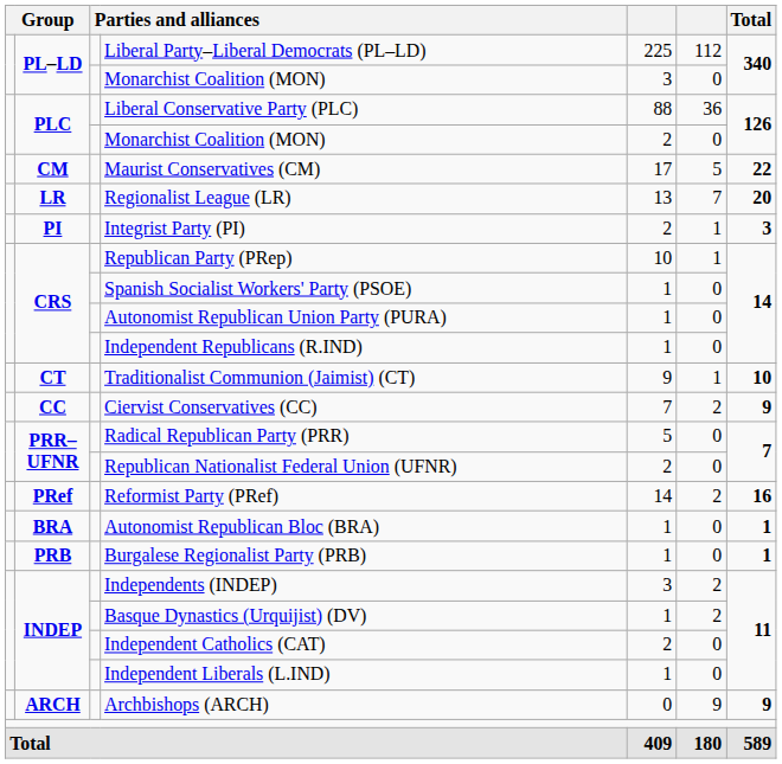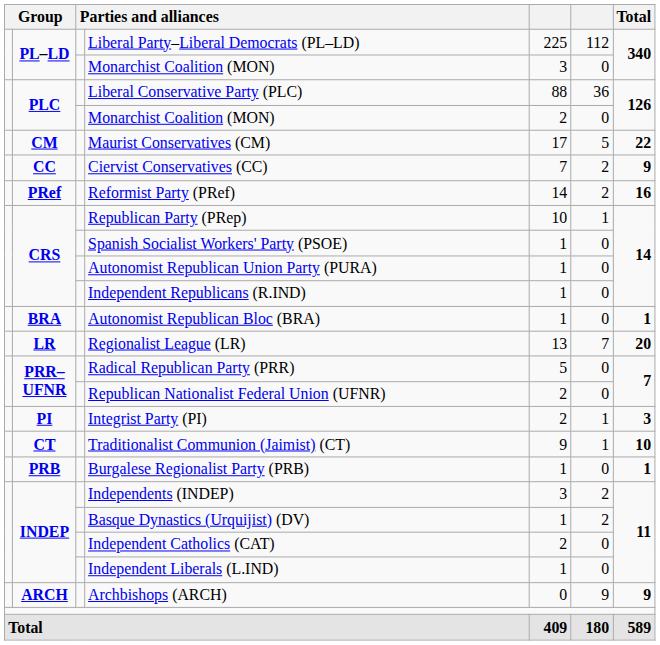 <table class="wikitable" style="text-align:right;">
 <tr>
 <th colspan="2" width="65">Group</th>
 <th style="text-align:left;" colspan="2" width="450">Parties and alliances</th>
 <th width="35"></th>
 <th width="35"></th>
 <th width="35">Total</th>
 </tr>
 <tr>
 <td rowspan="2" width="1"></td>
 <td rowspan="2" align="center"><strong><a href='#'>PL</a>–<a href='#'>LD</a></strong></td>
 <td width="1" style="color:inherit;background:"></td>
 <td align="left"><a href='#'>Liberal Party</a>–<a href='#'>Liberal Democrats</a> (PL–LD)</td>
 <td>225</td>
 <td>112</td>
 <td rowspan="2"><strong>340</strong></td>
 </tr>
 <tr>
 <td style="color:inherit;background:"></td>
 <td align="left"><a href='#'>Monarchist Coalition</a> (MON)</td>
 <td>3</td>
 <td>0</td>
 </tr>
 <tr>
 <td rowspan="2" style="color:inherit;background:"></td>
 <td rowspan="2" align="center"><strong><a href='#'>PLC</a></strong></td>
 <td style="color:inherit;background:"></td>
 <td align="left"><a href='#'>Liberal Conservative Party</a> (PLC)</td>
 <td>88</td>
 <td>36</td>
 <td rowspan="2"><strong>126</strong></td>
 </tr>
 <tr>
 <td style="color:inherit;background:"></td>
 <td align="left"><a href='#'>Monarchist Coalition</a> (MON)</td>
 <td>2</td>
 <td>0</td>
 </tr>
 <tr>
 <td style="color:inherit;background:"></td>
 <td align="center"><strong><a href='#'>CM</a></strong></td>
 <td style="color:inherit;background:"></td>
 <td align="left"><a href='#'>Maurist Conservatives</a> (CM)</td>
 <td>17</td>
 <td>5</td>
 <td><strong>22</strong></td>
 </tr>
 <tr>
 <td style="color:inherit;background:"></td>
-<td align="center"><strong><a href='#'>LR</a></strong></td>
+<td align="center"><strong><a href='#'>CC</a></strong></td>
 <td style="color:inherit;background:"></td>
-<td align="left"><a href='#'>Regionalist League</a> (LR)</td>
-<td>13</td>
+<td align="left"><a href='#'>Ciervist Conservatives</a> (CC)</td>
 <td>7</td>
-<td><strong>20</strong></td>
+<td>2</td>
+<td><strong>9</strong></td>
 </tr>
 <tr>
 <td style="color:inherit;background:"></td>
-<td align="center"><strong><a href='#'>PI</a></strong></td>
+<td align="center"><strong><a href='#'>PRef</a></strong></td>
 <td style="color:inherit;background:"></td>
-<td align="left"><a href='#'>Integrist Party</a> (PI)</td>
+<td align="left"><a href='#'>Reformist Party</a> (PRef)</td>
+<td>14</td>
 <td>2</td>
-<td>1</td>
-<td><strong>3</strong></td>
+<td><strong>16</strong></td>
 </tr>
 <tr>
 <td rowspan="4" style="color:inherit;background:"></td>
 <td rowspan="4" align="center"><strong><a href='#'>CRS</a></strong></td>
 <td style="color:inherit;background:"></td>
 <td align="left"><a href='#'>Republican Party</a> (PRep)</td>
 <td>10</td>
 <td>1</td>
 <td rowspan="4"><strong>14</strong></td>
 </tr>
 <tr>
 <td style="color:inherit;background:"></td>
 <td align="left"><a href='#'>Spanish Socialist Workers' Party</a> (PSOE)</td>
 <td>1</td>
 <td>0</td>
 </tr>
 <tr>
 <td style="color:inherit;background:"></td>
 <td align="left"><a href='#'>Autonomist Republican Union Party</a> (PURA)</td>
 <td>1</td>
 <td>0</td>
 </tr>
 <tr>
 <td style="color:inherit;background:"></td>
 <td align="left"><a href='#'>Independent Republicans</a> (R.IND)</td>
 <td>1</td>
 <td>0</td>
 </tr>
 <tr>
 <td style="color:inherit;background:"></td>
-<td align="center"><strong><a href='#'>CT</a></strong></td>
+<td align="center"><strong><a href='#'>BRA</a></strong></td>
 <td style="color:inherit;background:"></td>
-<td align="left"><a href='#'>Traditionalist Communion (Jaimist)</a> (CT)</td>
-<td>9</td>
+<td align="left"><a href='#'>Autonomist Republican Bloc</a> (BRA)</td>
 <td>1</td>
-<td><strong>10</strong></td>
+<td>0</td>
+<td><strong>1</strong></td>
 </tr>
 <tr>
 <td style="color:inherit;background:"></td>
-<td align="center"><strong><a href='#'>CC</a></strong></td>
+<td align="center"><strong><a href='#'>LR</a></strong></td>
 <td style="color:inherit;background:"></td>
-<td align="left"><a href='#'>Ciervist Conservatives</a> (CC)</td>
+<td align="left"><a href='#'>Regionalist League</a> (LR)</td>
+<td>13</td>
 <td>7</td>
-<td>2</td>
-<td><strong>9</strong></td>
+<td><strong>20</strong></td>
 </tr>
 <tr>
 <td rowspan="2" style="color:inherit;background:"></td>
 <td rowspan="2" align="center"><strong><a href='#'>PRR–<br>UFNR</a></strong></td>
 <td style="color:inherit;background:"></td>
 <td align="left"><a href='#'>Radical Republican Party</a> (PRR)</td>
 <td>5</td>
 <td>0</td>
 <td rowspan="2"><strong>7</strong></td>
 </tr>
 <tr>
 <td style="color:inherit;background:"></td>
 <td align="left"><a href='#'>Republican Nationalist Federal Union</a> (UFNR)</td>
 <td>2</td>
 <td>0</td>
 </tr>
 <tr>
 <td style="color:inherit;background:"></td>
-<td align="center"><strong><a href='#'>PRef</a></strong></td>
+<td align="center"><strong><a href='#'>PI</a></strong></td>
 <td style="color:inherit;background:"></td>
-<td align="left"><a href='#'>Reformist Party</a> (PRef)</td>
-<td>14</td>
+<td align="left"><a href='#'>Integrist Party</a> (PI)</td>
 <td>2</td>
-<td><strong>16</strong></td>
+<td>1</td>
+<td><strong>3</strong></td>
 </tr>
 <tr>
 <td style="color:inherit;background:"></td>
-<td align="center"><strong><a href='#'>BRA</a></strong></td>
+<td align="center"><strong><a href='#'>CT</a></strong></td>
 <td style="color:inherit;background:"></td>
-<td align="left"><a href='#'>Autonomist Republican Bloc</a> (BRA)</td>
+<td align="left"><a href='#'>Traditionalist Communion (Jaimist)</a> (CT)</td>
+<td>9</td>
 <td>1</td>
-<td>0</td>
-<td><strong>1</strong></td>
+<td><strong>10</strong></td>
 </tr>
 <tr>
 <td style="color:inherit;background:"></td>
 <td align="center"><strong><a href='#'>PRB</a></strong></td>
 <td style="color:inherit;background:"></td>
 <td align="left"><a href='#'>Burgalese Regionalist Party</a> (PRB)</td>
 <td>1</td>
 <td>0</td>
 <td><strong>1</strong></td>
 </tr>
 <tr>
 <td rowspan="4" style="color:inherit;background:"></td>
 <td rowspan="4" align="center"><strong><a href='#'>INDEP</a></strong></td>
 <td style="color:inherit;background:"></td>
 <td align="left"><a href='#'>Independents</a> (INDEP)</td>
 <td>3</td>
 <td>2</td>
 <td rowspan="4"><strong>11</strong></td>
 </tr>
 <tr>
 <td style="color:inherit;background:"></td>
 <td align="left"><a href='#'>Basque Dynastics (Urquijist)</a> (DV)</td>
 <td>1</td>
 <td>2</td>
 </tr>
 <tr>
 <td style="color:inherit;background:"></td>
 <td align="left"><a href='#'>Independent Catholics</a> (CAT)</td>
 <td>2</td>
 <td>0</td>
 </tr>
 <tr>
 <td style="color:inherit;background:"></td>
 <td align="left"><a href='#'>Independent Liberals</a> (L.IND)</td>
 <td>1</td>
 <td>0</td>
 </tr>
 <tr>
 <td style="color:inherit;background:"></td>
 <td align="center"><strong><a href='#'>ARCH</a></strong></td>
 <td style="color:inherit;background:"></td>
 <td align="left"><a href='#'>Archbishops</a> (ARCH)</td>
 <td>0</td>
 <td>9</td>
 <td><strong>9</strong></td>
 </tr>
 <tr>
 <td colspan="7"></td>
 </tr>
 <tr style="background:#E4E4E4; font-weight:bold;">
 <td align="left" colspan="4">Total</td>
 <td>409</td>
 <td>180</td>
 <td>589</td>
 </tr>
 </table>
